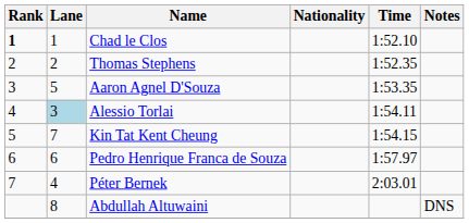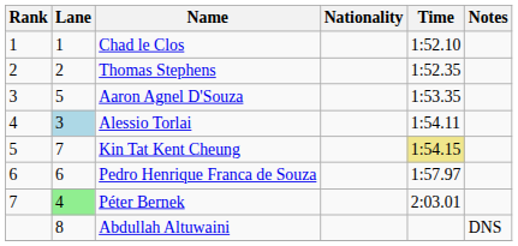 <table class="wikitable">
 <tr>
 <th>Rank</th>
 <th>Lane</th>
 <th>Name</th>
 <th>Nationality</th>
 <th>Time</th>
 <th>Notes</th>
 </tr>
 <tr>
-<td><strong>1</strong></td>
+<td>1</td>
 <td>1</td>
 <td><a href='#'>Chad le Clos</a></td>
 <td></td>
 <td>1:52.10</td>
 <td></td>
 </tr>
 <tr>
 <td>2</td>
 <td>2</td>
 <td><a href='#'>Thomas Stephens</a></td>
 <td></td>
 <td>1:52.35</td>
 <td></td>
 </tr>
 <tr>
 <td>3</td>
 <td>5</td>
 <td><a href='#'>Aaron Agnel D'Souza</a></td>
 <td></td>
 <td>1:53.35</td>
 <td></td>
 </tr>
 <tr>
 <td>4</td>
 <td style="background: lightblue;">3</td>
 <td><a href='#'>Alessio Torlai</a></td>
 <td></td>
 <td>1:54.11</td>
 <td></td>
 </tr>
 <tr>
 <td>5</td>
 <td>7</td>
 <td><a href='#'>Kin Tat Kent Cheung</a></td>
 <td></td>
-<td>1:54.15</td>
+<td style="background: khaki;">1:54.15</td>
 <td></td>
 </tr>
 <tr>
 <td>6</td>
 <td>6</td>
 <td><a href='#'>Pedro Henrique Franca de Souza</a></td>
 <td></td>
 <td>1:57.97</td>
 <td></td>
 </tr>
 <tr>
 <td>7</td>
-<td>4</td>
+<td style="background: lightgreen;">4</td>
 <td><a href='#'>Péter Bernek</a></td>
 <td></td>
 <td>2:03.01</td>
 <td></td>
 </tr>
 <tr>
 <td></td>
 <td>8</td>
 <td><a href='#'>Abdullah Altuwaini</a></td>
 <td></td>
 <td></td>
 <td>DNS</td>
 </tr>
 <tr>
 </tr>
 </table>
